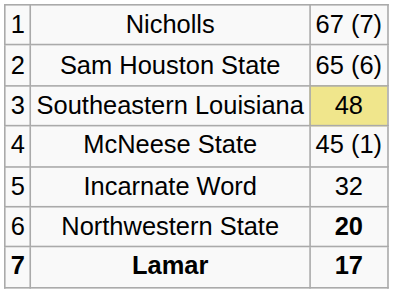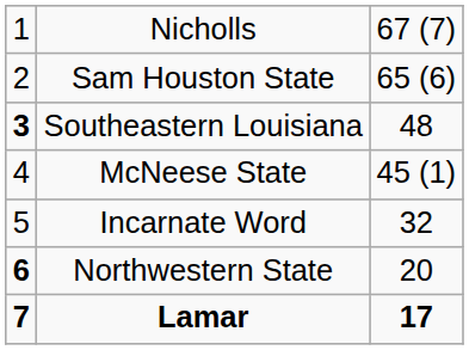 <table class="wikitable">
 <tr align="center">
 <td>1</td>
 <td>Nicholls</td>
 <td>67 (7)</td>
 </tr>
 <tr align="center">
 <td>2</td>
 <td>Sam Houston State</td>
 <td>65 (6)</td>
 </tr>
 <tr align="center">
-<td>3</td>
+<td><strong>3</strong></td>
 <td>Southeastern Louisiana</td>
-<td style="background: khaki;">48</td>
+<td>48</td>
 </tr>
 <tr align="center">
 <td>4</td>
 <td>McNeese State</td>
 <td>45 (1)</td>
 </tr>
 <tr align="center">
 <td>5</td>
 <td>Incarnate Word</td>
 <td>32</td>
 </tr>
 <tr align="center">
-<td>6</td>
+<td><strong>6</strong></td>
 <td>Northwestern State</td>
-<td><strong>20</strong></td>
+<td>20</td>
 </tr>
 <tr align="center">
 <td><strong>7</strong></td>
 <td><strong>Lamar</strong></td>
 <td><strong>17</strong></td>
 </tr>
 </table>
